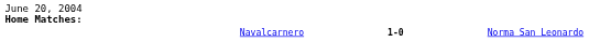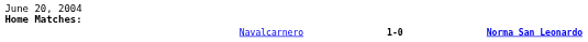 <table width=100% cellspacing=1>
 <tr>
 <th width=20%></th>
 <th width=12%></th>
 <th width=20%></th>
 <th></th>
 </tr>
 <tr>
 <td>June 20, 2004<br><strong>Home Matches:</strong></td>
 </tr>
 <tr style=font-size:90%>
 <td align=right><a href='#'>Navalcarnero</a></td>
 <td align=center><strong>1-0</strong></td>
-<td><a href='#'>Norma San Leonardo</a></td>
+<td><strong><a href='#'>Norma San Leonardo</a></strong></td>
 </tr>
 </table>
